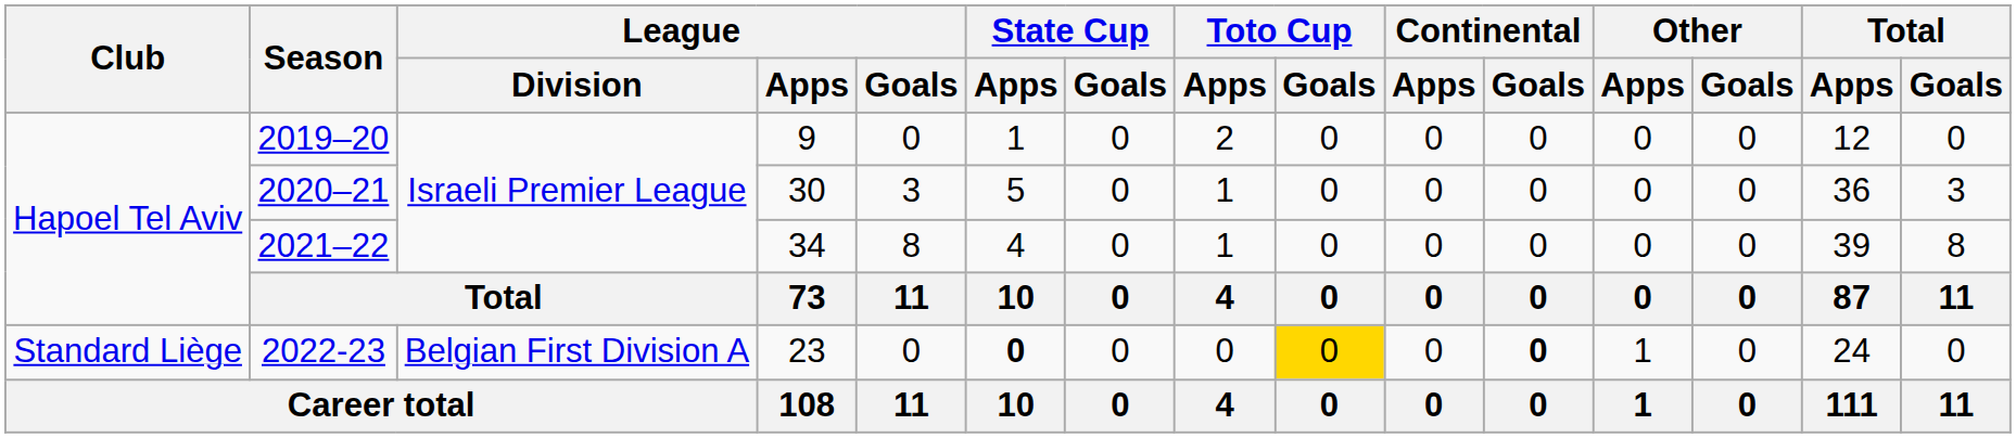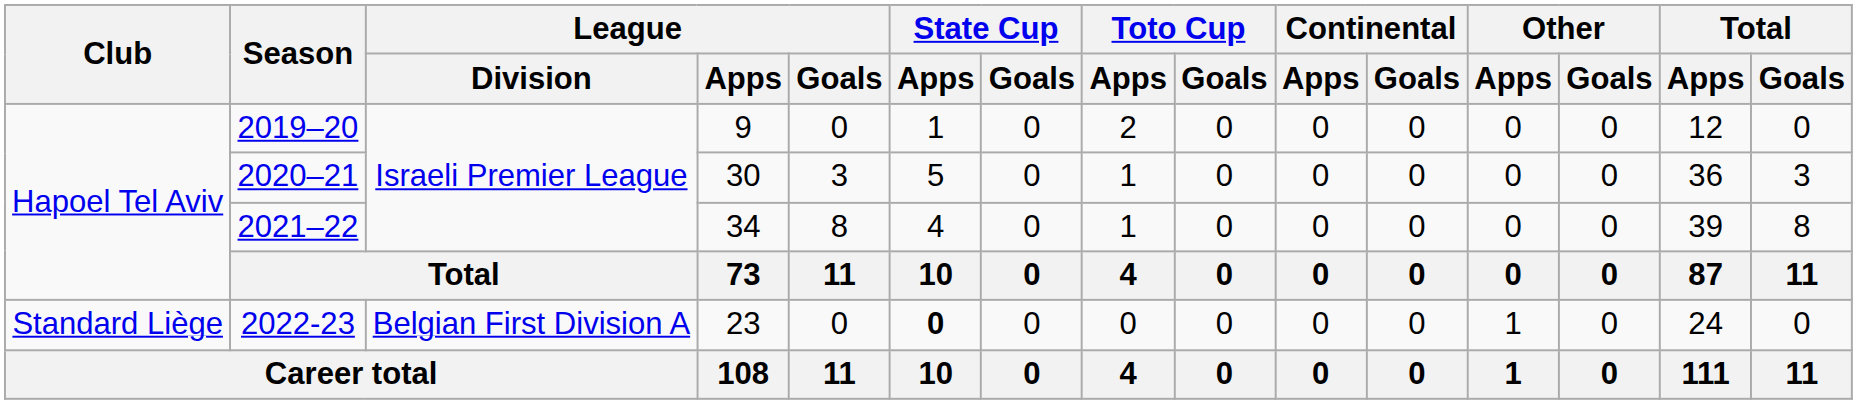 <table class="wikitable" style="text-align: center">
 <tr>
 <th rowspan="2">Club</th>
 <th rowspan="2">Season</th>
 <th colspan="3">League</th>
 <th colspan="2"><a href='#'>State Cup</a></th>
 <th colspan="2"><a href='#'>Toto Cup</a></th>
 <th colspan="2">Continental</th>
 <th colspan="2">Other</th>
 <th colspan="2">Total</th>
 </tr>
 <tr>
 <th>Division</th>
 <th>Apps</th>
 <th>Goals</th>
 <th>Apps</th>
 <th>Goals</th>
 <th>Apps</th>
 <th>Goals</th>
 <th>Apps</th>
 <th>Goals</th>
 <th>Apps</th>
 <th>Goals</th>
 <th>Apps</th>
 <th>Goals</th>
 </tr>
 <tr>
 <td rowspan="4"><a href='#'>Hapoel Tel Aviv</a></td>
 <td><a href='#'>2019–20</a></td>
 <td rowspan="3"><a href='#'>Israeli Premier League</a></td>
 <td>9</td>
 <td>0</td>
 <td>1</td>
 <td>0</td>
 <td>2</td>
 <td>0</td>
 <td>0</td>
 <td>0</td>
 <td>0</td>
 <td>0</td>
 <td>12</td>
 <td>0</td>
 </tr>
 <tr>
 <td><a href='#'>2020–21</a></td>
 <td>30</td>
 <td>3</td>
 <td>5</td>
 <td>0</td>
 <td>1</td>
 <td>0</td>
 <td>0</td>
 <td>0</td>
 <td>0</td>
 <td>0</td>
 <td>36</td>
 <td>3</td>
 </tr>
 <tr>
 <td><a href='#'>2021–22</a></td>
 <td>34</td>
 <td>8</td>
 <td>4</td>
 <td>0</td>
 <td>1</td>
 <td>0</td>
 <td>0</td>
 <td>0</td>
 <td>0</td>
 <td>0</td>
 <td>39</td>
 <td>8</td>
 </tr>
 <tr>
 <th colspan="2">Total</th>
 <th>73</th>
 <th>11</th>
 <th>10</th>
 <th>0</th>
 <th>4</th>
 <th>0</th>
 <th>0</th>
 <th>0</th>
 <th>0</th>
 <th>0</th>
 <th>87</th>
 <th>11</th>
 </tr>
 <tr>
 <td><a href='#'>Standard Liège</a></td>
 <td><a href='#'>2022-23</a></td>
 <td><a href='#'>Belgian First Division A</a></td>
 <td>23</td>
 <td>0</td>
 <td><strong>0</strong></td>
 <td>0</td>
 <td>0</td>
-<td style="background: gold;">0</td>
 <td>0</td>
-<td><strong>0</strong></td>
+<td>0</td>
+<td>0</td>
 <td>1</td>
 <td>0</td>
 <td>24</td>
 <td>0</td>
 </tr>
 <tr>
 <th colspan="3"><strong>Career total</strong></th>
 <th>108</th>
 <th>11</th>
 <th>10</th>
 <th>0</th>
 <th>4</th>
 <th>0</th>
 <th>0</th>
 <th>0</th>
 <th>1</th>
 <th>0</th>
 <th>111</th>
 <th>11</th>
 </tr>
 </table>
